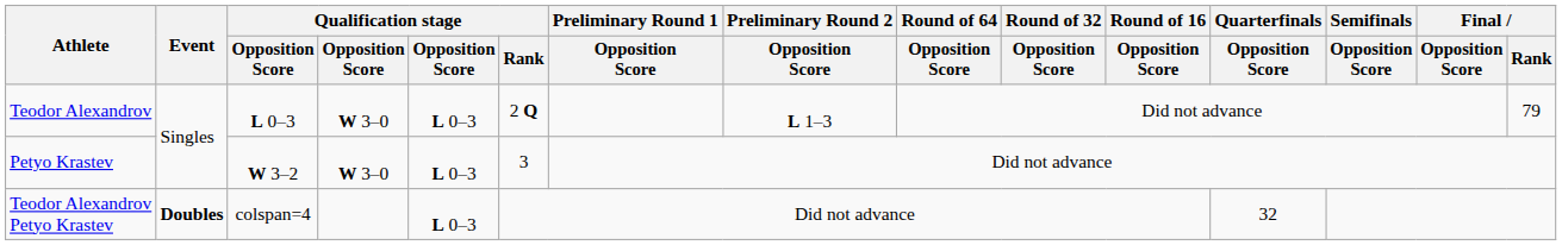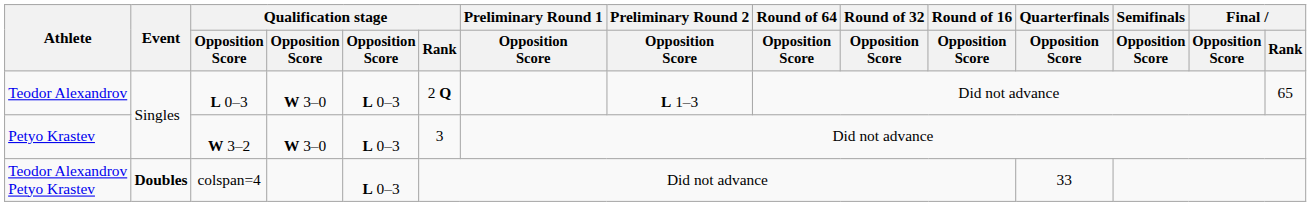 <table class=wikitable style=font-size:90%;text-align:center>
 <tr>
 <th rowspan=2>Athlete</th>
 <th rowspan=2>Event</th>
 <th colspan=4>Qualification stage</th>
 <th>Preliminary Round 1</th>
 <th>Preliminary Round 2</th>
 <th>Round of 64</th>
 <th>Round of 32</th>
 <th>Round of 16</th>
 <th>Quarterfinals</th>
 <th>Semifinals</th>
 <th colspan=2>Final / </th>
 </tr>
 <tr style=font-size:95%>
 <th>Opposition<br>Score</th>
 <th>Opposition<br>Score</th>
 <th>Opposition<br>Score</th>
 <th>Rank</th>
 <th>Opposition<br>Score</th>
 <th>Opposition<br>Score</th>
 <th>Opposition<br>Score</th>
 <th>Opposition<br>Score</th>
 <th>Opposition<br>Score</th>
 <th>Opposition<br>Score</th>
 <th>Opposition<br>Score</th>
 <th>Opposition<br>Score</th>
 <th>Rank</th>
 </tr>
 <tr>
 <td align=left><a href='#'>Teodor Alexandrov</a></td>
 <td align=left rowspan=2>Singles</td>
 <td><br><strong>L</strong> 0–3</td>
 <td><br><strong>W</strong> 3–0</td>
 <td><br><strong>L</strong> 0–3</td>
 <td>2 <strong>Q</strong></td>
 <td></td>
 <td><br><strong>L</strong> 1–3</td>
 <td colspan=6>Did not advance</td>
-<td>79</td>
+<td>65</td>
 </tr>
 <tr>
 <td align=left><a href='#'>Petyo Krastev</a></td>
 <td><br><strong>W</strong> 3–2</td>
 <td><br><strong>W</strong> 3–0</td>
 <td><br><strong>L</strong> 0–3</td>
 <td>3</td>
 <td colspan=9>Did not advance</td>
 </tr>
 <tr>
 <td align=left><a href='#'>Teodor Alexandrov</a><br><a href='#'>Petyo Krastev</a></td>
 <td><strong>Doubles</strong></td>
 <td>colspan=4</td>
 <td></td>
 <td><br><strong>L</strong> 0–3</td>
 <td colspan=6>Did not advance</td>
-<td>32</td>
+<td>33</td>
 </tr>
 </table>
